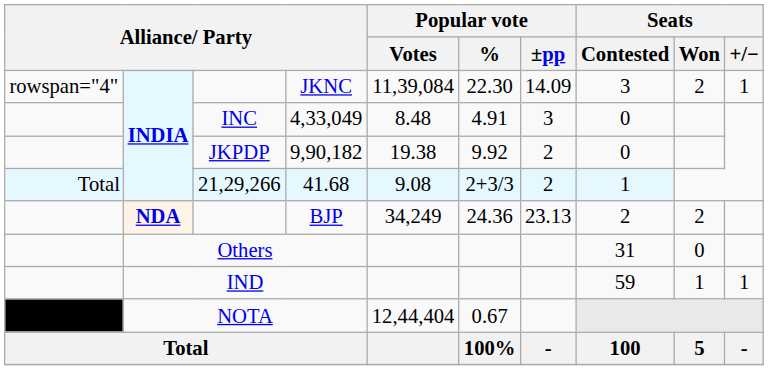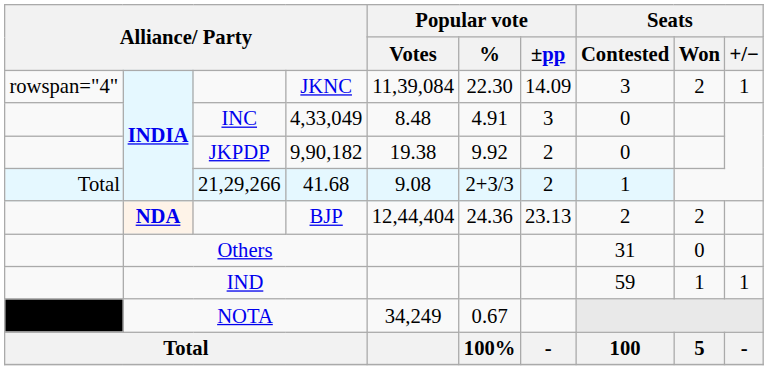 <table class="wikitable sortable" style="text-align:center;">
 <tr>
 <th colspan="4" rowspan="2">Alliance/ Party</th>
 <th colspan="3">Popular vote</th>
 <th colspan="3">Seats</th>
 </tr>
 <tr>
 <th>Votes</th>
 <th>%</th>
 <th>±<a href='#'>pp</a></th>
 <th>Contested</th>
 <th>Won</th>
 <th><strong>+/−</strong></th>
 </tr>
 <tr>
 <td>rowspan="4" </td>
 <th rowspan="4" style="background:#E5F8FF"><a href='#'>INDIA</a></th>
 <td></td>
 <td><a href='#'>JKNC</a></td>
 <td>11,39,084</td>
 <td>22.30</td>
 <td>14.09</td>
 <td>3</td>
 <td>2</td>
 <td> 1</td>
 </tr>
 <tr>
 <td></td>
 <td><a href='#'>INC</a></td>
 <td>4,33,049</td>
 <td>8.48</td>
 <td> 4.91</td>
 <td>3</td>
 <td>0</td>
 <td></td>
 </tr>
 <tr>
 <td></td>
 <td><a href='#'>JKPDP</a></td>
 <td>9,90,182</td>
 <td>19.38</td>
 <td> 9.92</td>
 <td>2</td>
 <td>0</td>
 <td></td>
 </tr>
 <tr>
 <td colspan="2"style="background:#E5F8FF">Total</td>
 <td style="background:#E5F8FF">21,29,266</td>
 <td style="background:#E5F8FF">41.68</td>
 <td style="background:#E5F8FF"> 9.08</td>
 <td style="background:#E5F8FF">2+3/3</td>
 <td style="background:#E5F8FF">2</td>
 <td style="background:#E5F8FF"> 1</td>
 </tr>
 <tr>
 <td></td>
 <th style="background:#fef3e8"><a href='#'>NDA</a></th>
 <td></td>
 <td><a href='#'>BJP</a></td>
-<td>34,249</td>
+<td>12,44,404</td>
 <td>24.36</td>
 <td> 23.13</td>
 <td>2</td>
 <td>2</td>
 <td></td>
 </tr>
 <tr>
 <td></td>
 <td colspan="3"><a href='#'>Others</a></td>
 <td></td>
 <td></td>
 <td></td>
 <td>31</td>
 <td>0</td>
 <td></td>
 </tr>
 <tr>
 <td></td>
 <td colspan="3"><a href='#'>IND</a></td>
 <td></td>
 <td></td>
 <td></td>
 <td>59</td>
 <td>1</td>
 <td> 1</td>
 </tr>
 <tr>
 <td bgcolor="Black"></td>
 <td colspan="3"><a href='#'>NOTA</a></td>
-<td>12,44,404</td>
+<td>34,249</td>
 <td>0.67</td>
 <td></td>
 <th colspan="3" style="background-color:#E9E9E9"></th>
 </tr>
 <tr>
 <th colspan="4">Total</th>
 <th></th>
 <th>100%</th>
 <th>-</th>
 <th>100</th>
 <th>5</th>
 <th>-</th>
 </tr>
 <tr>
 </tr>
 </table>
